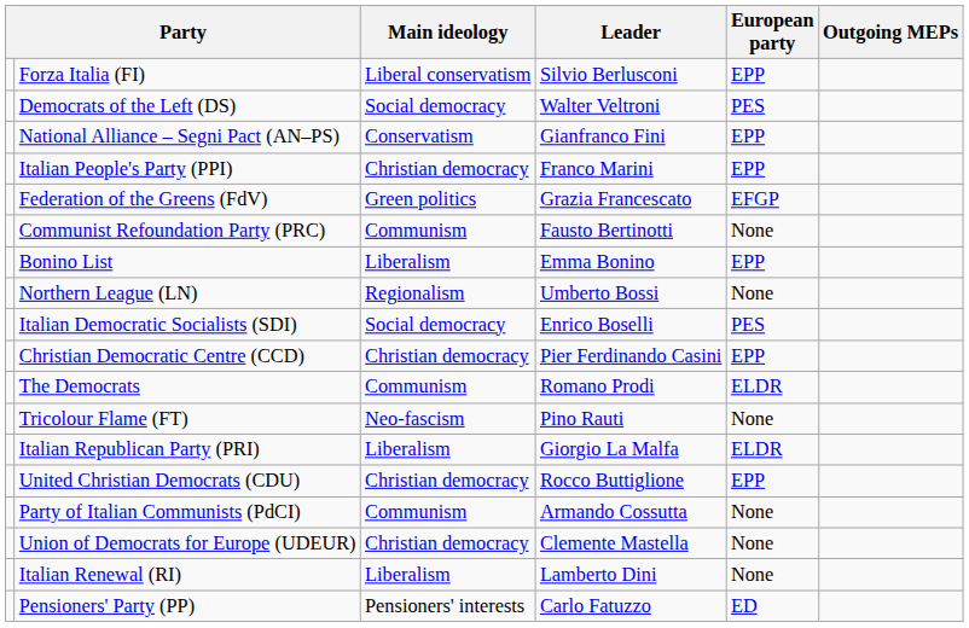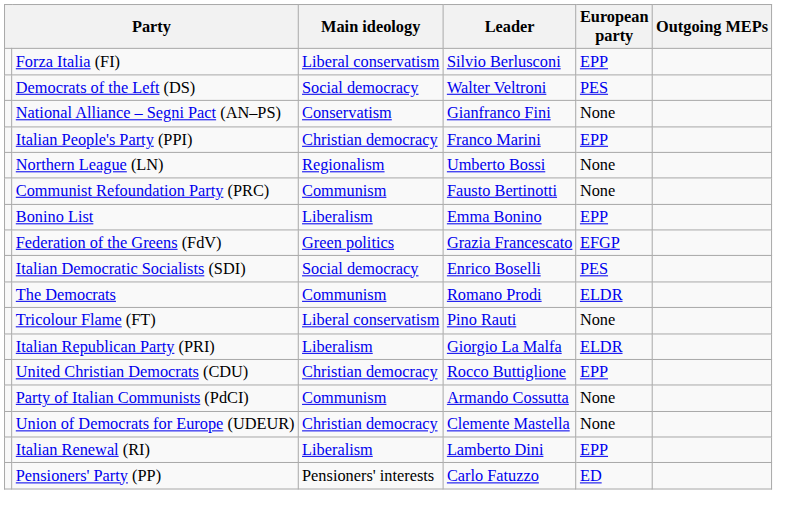 <table class=wikitable style=text-align:left>
 <tr>
 <th colspan="2">Party</th>
 <th>Main ideology</th>
 <th>Leader</th>
 <th>European<br>party</th>
 <th>Outgoing MEPs</th>
 </tr>
 <tr>
 <td style="background:"></td>
 <td><a href='#'>Forza Italia</a> (FI)</td>
 <td><a href='#'>Liberal conservatism</a></td>
 <td><a href='#'>Silvio Berlusconi</a></td>
 <td><a href='#'>EPP</a></td>
 <td></td>
 </tr>
 <tr>
 <td style="background:"></td>
 <td><a href='#'>Democrats of the Left</a> (DS)</td>
 <td><a href='#'>Social democracy</a></td>
 <td><a href='#'>Walter Veltroni</a></td>
 <td><a href='#'>PES</a></td>
 <td></td>
 </tr>
 <tr>
 <td style="background:"></td>
 <td><a href='#'>National Alliance – Segni Pact</a> (AN–PS)</td>
 <td><a href='#'>Conservatism</a></td>
 <td><a href='#'>Gianfranco Fini</a></td>
-<td><a href='#'>EPP</a></td>
+<td>None</td>
 <td></td>
 </tr>
 <tr>
 <td style="background:"></td>
 <td><a href='#'>Italian People's Party</a> (PPI)</td>
 <td><a href='#'>Christian democracy</a></td>
 <td><a href='#'>Franco Marini</a></td>
 <td><a href='#'>EPP</a></td>
 <td></td>
 </tr>
 <tr>
 <td style="background:"></td>
-<td><a href='#'>Federation of the Greens</a> (FdV)</td>
-<td><a href='#'>Green politics</a></td>
-<td><a href='#'>Grazia Francescato</a></td>
-<td><a href='#'>EFGP</a></td>
+<td><a href='#'>Northern League</a> (LN)</td>
+<td><a href='#'>Regionalism</a></td>
+<td><a href='#'>Umberto Bossi</a></td>
+<td>None</td>
 <td></td>
 </tr>
 <tr>
 <td style="background:"></td>
 <td><a href='#'>Communist Refoundation Party</a> (PRC)</td>
 <td><a href='#'>Communism</a></td>
 <td><a href='#'>Fausto Bertinotti</a></td>
 <td>None</td>
 <td></td>
 </tr>
 <tr>
 <td style="background:"></td>
 <td><a href='#'>Bonino List</a></td>
 <td><a href='#'>Liberalism</a></td>
 <td><a href='#'>Emma Bonino</a></td>
 <td><a href='#'>EPP</a></td>
 <td></td>
 </tr>
 <tr>
 <td style="background:"></td>
-<td><a href='#'>Northern League</a> (LN)</td>
-<td><a href='#'>Regionalism</a></td>
-<td><a href='#'>Umberto Bossi</a></td>
-<td>None</td>
+<td><a href='#'>Federation of the Greens</a> (FdV)</td>
+<td><a href='#'>Green politics</a></td>
+<td><a href='#'>Grazia Francescato</a></td>
+<td><a href='#'>EFGP</a></td>
 <td></td>
 </tr>
 <tr>
 <td style="background:"></td>
 <td><a href='#'>Italian Democratic Socialists</a> (SDI)</td>
 <td><a href='#'>Social democracy</a></td>
 <td><a href='#'>Enrico Boselli</a></td>
 <td><a href='#'>PES</a></td>
-<td></td>
-</tr>
-<tr>
-<td style="background:"></td>
-<td><a href='#'>Christian Democratic Centre</a> (CCD)</td>
-<td><a href='#'>Christian democracy</a></td>
-<td><a href='#'>Pier Ferdinando Casini</a></td>
-<td><a href='#'>EPP</a></td>
 <td></td>
 </tr>
 <tr>
 <td style="background:"></td>
 <td><a href='#'>The Democrats</a></td>
 <td><a href='#'>Communism</a></td>
 <td><a href='#'>Romano Prodi</a></td>
 <td><a href='#'>ELDR</a></td>
 <td></td>
 </tr>
 <tr>
 <td style="background:"></td>
 <td><a href='#'>Tricolour Flame</a> (FT)</td>
-<td><a href='#'>Neo-fascism</a></td>
+<td><a href='#'>Liberal conservatism</a></td>
 <td><a href='#'>Pino Rauti</a></td>
 <td>None</td>
 <td></td>
 </tr>
 <tr>
 <td style="background:"></td>
 <td><a href='#'>Italian Republican Party</a> (PRI)</td>
 <td><a href='#'>Liberalism</a></td>
 <td><a href='#'>Giorgio La Malfa</a></td>
 <td><a href='#'>ELDR</a></td>
 <td></td>
 </tr>
 <tr>
 <td style="background:"></td>
 <td><a href='#'>United Christian Democrats</a> (CDU)</td>
 <td><a href='#'>Christian democracy</a></td>
 <td><a href='#'>Rocco Buttiglione</a></td>
 <td><a href='#'>EPP</a></td>
 <td></td>
 </tr>
 <tr>
 <td style="background:"></td>
 <td><a href='#'>Party of Italian Communists</a> (PdCI)</td>
 <td><a href='#'>Communism</a></td>
 <td><a href='#'>Armando Cossutta</a></td>
 <td>None</td>
 <td></td>
 </tr>
 <tr>
 <td style="background:"></td>
 <td><a href='#'>Union of Democrats for Europe</a> (UDEUR)</td>
 <td><a href='#'>Christian democracy</a></td>
 <td><a href='#'>Clemente Mastella</a></td>
 <td>None</td>
 <td></td>
 </tr>
 <tr>
 <td style="background:"></td>
 <td><a href='#'>Italian Renewal</a> (RI)</td>
 <td><a href='#'>Liberalism</a></td>
 <td><a href='#'>Lamberto Dini</a></td>
-<td>None</td>
+<td><a href='#'>EPP</a></td>
 <td></td>
 </tr>
 <tr>
 <td style="background:"></td>
 <td><a href='#'>Pensioners' Party</a> (PP)</td>
 <td>Pensioners' interests</td>
 <td><a href='#'>Carlo Fatuzzo</a></td>
 <td><a href='#'>ED</a></td>
 <td></td>
 </tr>
 </table>
